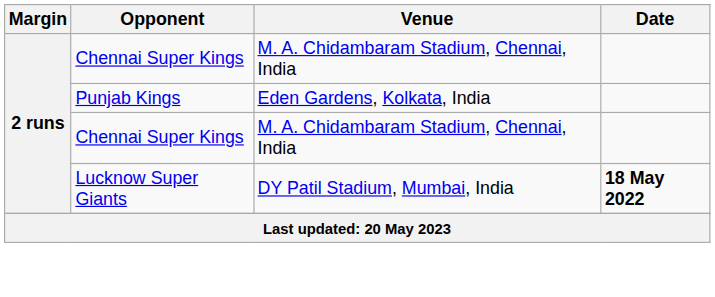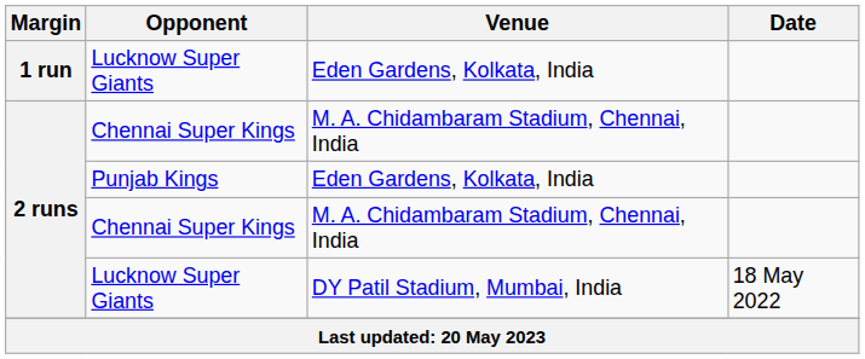 <table class="wikitable sortable" style="text-align:left;font-size:96%;">
 <tr>
 <th>Margin</th>
 <th>Opponent</th>
 <th>Venue</th>
 <th>Date</th>
+</tr>
+<tr>
+<th>1 run</th>
+<td><a href='#'>Lucknow Super Giants</a></td>
+<td><a href='#'>Eden Gardens</a>, <a href='#'>Kolkata</a>, India</td>
+<td></td>
 </tr>
 <tr>
 <th rowspan="4">2 runs</th>
 <td><a href='#'>Chennai Super Kings</a></td>
 <td><a href='#'>M. A. Chidambaram Stadium</a>, <a href='#'>Chennai</a>, India</td>
 <td></td>
 </tr>
 <tr>
 <td><a href='#'>Punjab Kings</a></td>
 <td><a href='#'>Eden Gardens</a>, <a href='#'>Kolkata</a>, India</td>
 <td></td>
 </tr>
 <tr>
 <td><a href='#'>Chennai Super Kings</a></td>
 <td><a href='#'>M. A. Chidambaram Stadium</a>, <a href='#'>Chennai</a>, India</td>
 <td></td>
 </tr>
 <tr>
 <td><a href='#'>Lucknow Super Giants</a></td>
 <td><a href='#'>DY Patil Stadium</a>, <a href='#'>Mumbai</a>, India</td>
-<td><strong>18 May 2022</strong></td>
+<td>18 May 2022</td>
 </tr>
 <tr>
 </tr>
 <tr class="sortbottom">
 <th colspan="4"><small>Last updated: 20 May 2023</small></th>
 </tr>
 </table>
